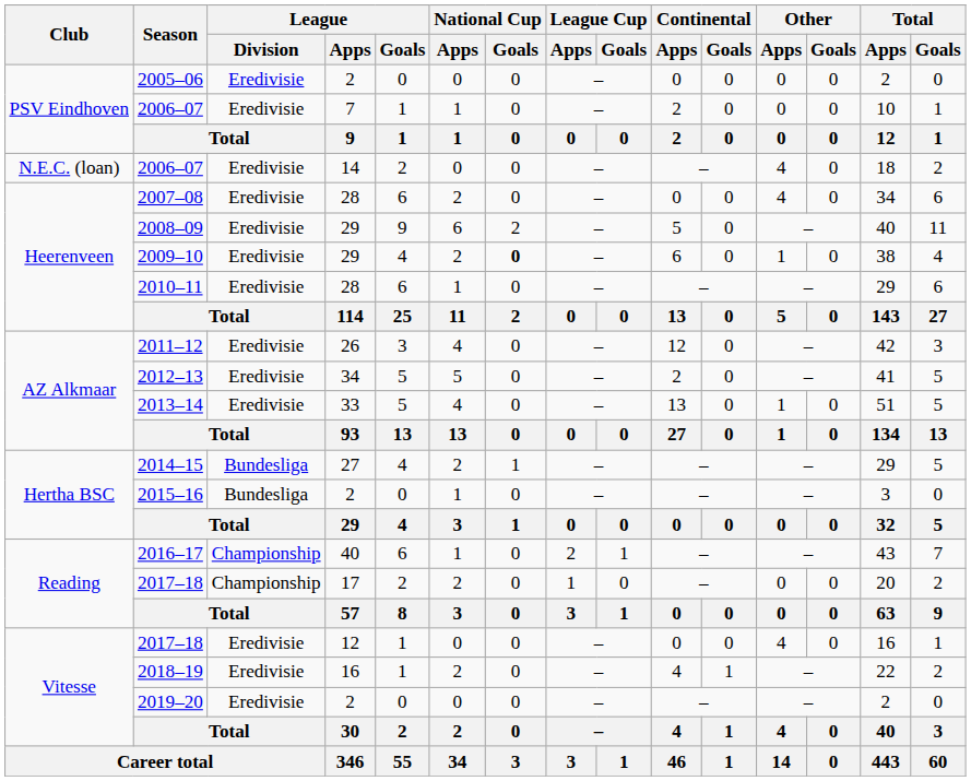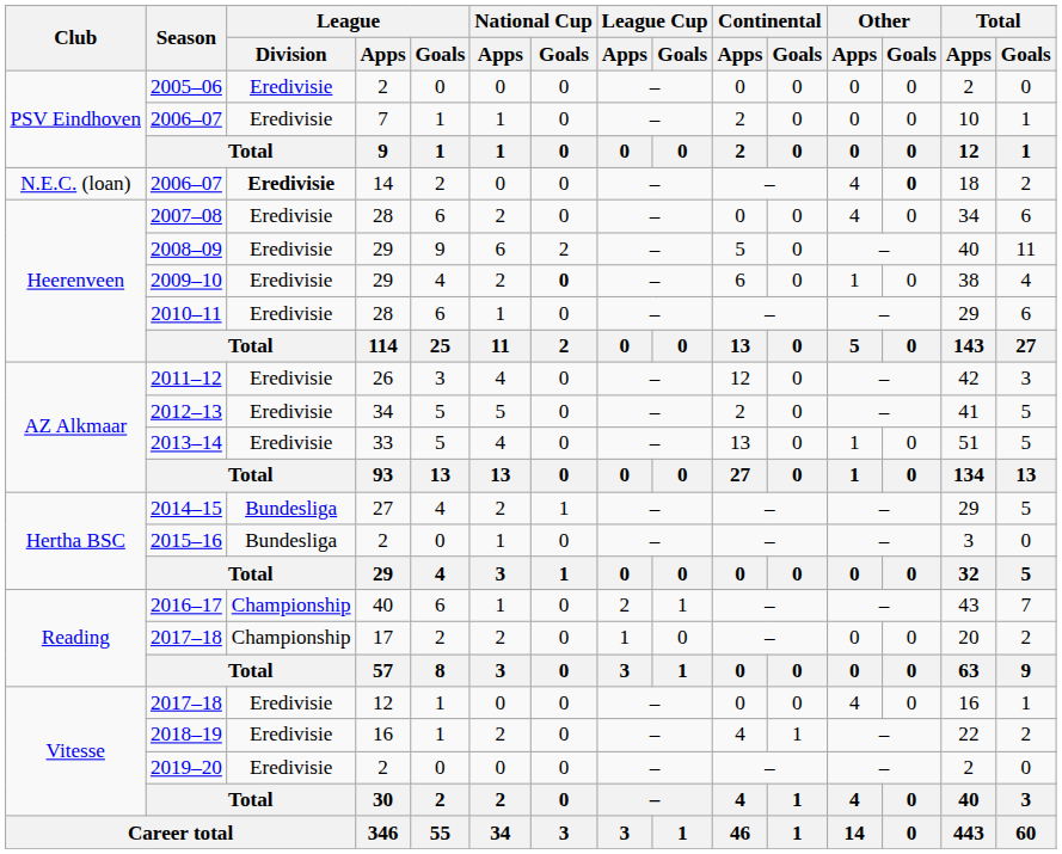 <table class="wikitable" style="text-align: center">
 <tr>
 <th rowspan="2">Club</th>
 <th rowspan="2">Season</th>
 <th colspan="3">League</th>
 <th colspan="2">National Cup</th>
 <th colspan="2">League Cup</th>
 <th colspan="2">Continental</th>
 <th colspan="2">Other</th>
 <th colspan="2">Total</th>
 </tr>
 <tr>
 <th>Division</th>
 <th>Apps</th>
 <th>Goals</th>
 <th>Apps</th>
 <th>Goals</th>
 <th>Apps</th>
 <th>Goals</th>
 <th>Apps</th>
 <th>Goals</th>
 <th>Apps</th>
 <th>Goals</th>
 <th>Apps</th>
 <th>Goals</th>
 </tr>
 <tr>
 <td rowspan="3"><a href='#'>PSV Eindhoven</a></td>
 <td><a href='#'>2005–06</a></td>
 <td><a href='#'>Eredivisie</a></td>
 <td>2</td>
 <td>0</td>
 <td>0</td>
 <td>0</td>
 <td colspan="2">–</td>
 <td>0</td>
 <td>0</td>
 <td>0</td>
 <td>0</td>
 <td>2</td>
 <td>0</td>
 </tr>
 <tr>
 <td><a href='#'>2006–07</a></td>
 <td>Eredivisie</td>
 <td>7</td>
 <td>1</td>
 <td>1</td>
 <td>0</td>
 <td colspan="2">–</td>
 <td>2</td>
 <td>0</td>
 <td>0</td>
 <td>0</td>
 <td>10</td>
 <td>1</td>
 </tr>
 <tr>
 <th colspan="2">Total</th>
 <th>9</th>
 <th>1</th>
 <th>1</th>
 <th>0</th>
 <th>0</th>
 <th>0</th>
 <th>2</th>
 <th>0</th>
 <th>0</th>
 <th>0</th>
 <th>12</th>
 <th>1</th>
 </tr>
 <tr>
 <td><a href='#'>N.E.C.</a> (loan)</td>
 <td><a href='#'>2006–07</a></td>
-<td>Eredivisie</td>
+<td><strong>Eredivisie</strong></td>
 <td>14</td>
 <td>2</td>
 <td>0</td>
 <td>0</td>
 <td colspan="2">–</td>
 <td colspan="2">–</td>
 <td>4</td>
-<td>0</td>
+<td><strong>0</strong></td>
 <td>18</td>
 <td>2</td>
 </tr>
 <tr>
 <td rowspan="5"><a href='#'>Heerenveen</a></td>
 <td><a href='#'>2007–08</a></td>
 <td>Eredivisie</td>
 <td>28</td>
 <td>6</td>
 <td>2</td>
 <td>0</td>
 <td colspan="2">–</td>
 <td>0</td>
 <td>0</td>
 <td>4</td>
 <td>0</td>
 <td>34</td>
 <td>6</td>
 </tr>
 <tr>
 <td><a href='#'>2008–09</a></td>
 <td>Eredivisie</td>
 <td>29</td>
 <td>9</td>
 <td>6</td>
 <td>2</td>
 <td colspan="2">–</td>
 <td>5</td>
 <td>0</td>
 <td colspan="2">–</td>
 <td>40</td>
 <td>11</td>
 </tr>
 <tr>
 <td><a href='#'>2009–10</a></td>
 <td>Eredivisie</td>
 <td>29</td>
 <td>4</td>
 <td>2</td>
 <td><strong>0</strong></td>
 <td colspan="2">–</td>
 <td>6</td>
 <td>0</td>
 <td>1</td>
 <td>0</td>
 <td>38</td>
 <td>4</td>
 </tr>
 <tr>
 <td><a href='#'>2010–11</a></td>
 <td>Eredivisie</td>
 <td>28</td>
 <td>6</td>
 <td>1</td>
 <td>0</td>
 <td colspan="2">–</td>
 <td colspan="2">–</td>
 <td colspan="2">–</td>
 <td>29</td>
 <td>6</td>
 </tr>
 <tr>
 <th colspan="2">Total</th>
 <th>114</th>
 <th>25</th>
 <th>11</th>
 <th>2</th>
 <th>0</th>
 <th>0</th>
 <th>13</th>
 <th>0</th>
 <th>5</th>
 <th>0</th>
 <th>143</th>
 <th>27</th>
 </tr>
 <tr>
 <td rowspan="4"><a href='#'>AZ Alkmaar</a></td>
 <td><a href='#'>2011–12</a></td>
 <td>Eredivisie</td>
 <td>26</td>
 <td>3</td>
 <td>4</td>
 <td>0</td>
 <td colspan="2">–</td>
 <td>12</td>
 <td>0</td>
 <td colspan="2">–</td>
 <td>42</td>
 <td>3</td>
 </tr>
 <tr>
 <td><a href='#'>2012–13</a></td>
 <td>Eredivisie</td>
 <td>34</td>
 <td>5</td>
 <td>5</td>
 <td>0</td>
 <td colspan="2">–</td>
 <td>2</td>
 <td>0</td>
 <td colspan="2">–</td>
 <td>41</td>
 <td>5</td>
 </tr>
 <tr>
 <td><a href='#'>2013–14</a></td>
 <td>Eredivisie</td>
 <td>33</td>
 <td>5</td>
 <td>4</td>
 <td>0</td>
 <td colspan="2">–</td>
 <td>13</td>
 <td>0</td>
 <td>1</td>
 <td>0</td>
 <td>51</td>
 <td>5</td>
 </tr>
 <tr>
 <th colspan="2">Total</th>
 <th>93</th>
 <th>13</th>
 <th>13</th>
 <th>0</th>
 <th>0</th>
 <th>0</th>
 <th>27</th>
 <th>0</th>
 <th>1</th>
 <th>0</th>
 <th>134</th>
 <th>13</th>
 </tr>
 <tr>
 <td rowspan="3"><a href='#'>Hertha BSC</a></td>
 <td><a href='#'>2014–15</a></td>
 <td><a href='#'>Bundesliga</a></td>
 <td>27</td>
 <td>4</td>
 <td>2</td>
 <td>1</td>
 <td colspan="2">–</td>
 <td colspan="2">–</td>
 <td colspan="2">–</td>
 <td>29</td>
 <td>5</td>
 </tr>
 <tr>
 <td><a href='#'>2015–16</a></td>
 <td>Bundesliga</td>
 <td>2</td>
 <td>0</td>
 <td>1</td>
 <td>0</td>
 <td colspan="2">–</td>
 <td colspan="2">–</td>
 <td colspan="2">–</td>
 <td>3</td>
 <td>0</td>
 </tr>
 <tr>
 <th colspan="2">Total</th>
 <th>29</th>
 <th>4</th>
 <th>3</th>
 <th>1</th>
 <th>0</th>
 <th>0</th>
 <th>0</th>
 <th>0</th>
 <th>0</th>
 <th>0</th>
 <th>32</th>
 <th>5</th>
 </tr>
 <tr>
 <td rowspan="3"><a href='#'>Reading</a></td>
 <td><a href='#'>2016–17</a></td>
 <td><a href='#'>Championship</a></td>
 <td>40</td>
 <td>6</td>
 <td>1</td>
 <td>0</td>
 <td>2</td>
 <td>1</td>
 <td colspan="2">–</td>
 <td colspan="2">–</td>
 <td>43</td>
 <td>7</td>
 </tr>
 <tr>
 <td><a href='#'>2017–18</a></td>
 <td>Championship</td>
 <td>17</td>
 <td>2</td>
 <td>2</td>
 <td>0</td>
 <td>1</td>
 <td>0</td>
 <td colspan="2">–</td>
 <td>0</td>
 <td>0</td>
 <td>20</td>
 <td>2</td>
 </tr>
 <tr>
 <th colspan="2">Total</th>
 <th>57</th>
 <th>8</th>
 <th>3</th>
 <th>0</th>
 <th>3</th>
 <th>1</th>
 <th>0</th>
 <th>0</th>
 <th>0</th>
 <th>0</th>
 <th>63</th>
 <th>9</th>
 </tr>
 <tr>
 <td rowspan="4"><a href='#'>Vitesse</a></td>
 <td><a href='#'>2017–18</a></td>
 <td>Eredivisie</td>
 <td>12</td>
 <td>1</td>
 <td>0</td>
 <td>0</td>
 <td colspan="2">–</td>
 <td>0</td>
 <td>0</td>
 <td>4</td>
 <td>0</td>
 <td>16</td>
 <td>1</td>
 </tr>
 <tr>
 <td><a href='#'>2018–19</a></td>
 <td>Eredivisie</td>
 <td>16</td>
 <td>1</td>
 <td>2</td>
 <td>0</td>
 <td colspan="2">–</td>
 <td>4</td>
 <td>1</td>
 <td colspan="2">–</td>
 <td>22</td>
 <td>2</td>
 </tr>
 <tr>
 <td><a href='#'>2019–20</a></td>
 <td>Eredivisie</td>
 <td>2</td>
 <td>0</td>
 <td>0</td>
 <td>0</td>
 <td colspan="2">–</td>
 <td colspan="2">–</td>
 <td colspan="2">–</td>
 <td>2</td>
 <td>0</td>
 </tr>
 <tr>
 <th colspan="2">Total</th>
 <th>30</th>
 <th>2</th>
 <th>2</th>
 <th>0</th>
 <th colspan="2">–</th>
 <th>4</th>
 <th>1</th>
 <th>4</th>
 <th>0</th>
 <th>40</th>
 <th>3</th>
 </tr>
 <tr>
 <th colspan="3">Career total</th>
 <th>346</th>
 <th>55</th>
 <th>34</th>
 <th>3</th>
 <th>3</th>
 <th>1</th>
 <th>46</th>
 <th>1</th>
 <th>14</th>
 <th>0</th>
 <th>443</th>
 <th>60</th>
 </tr>
 </table>
